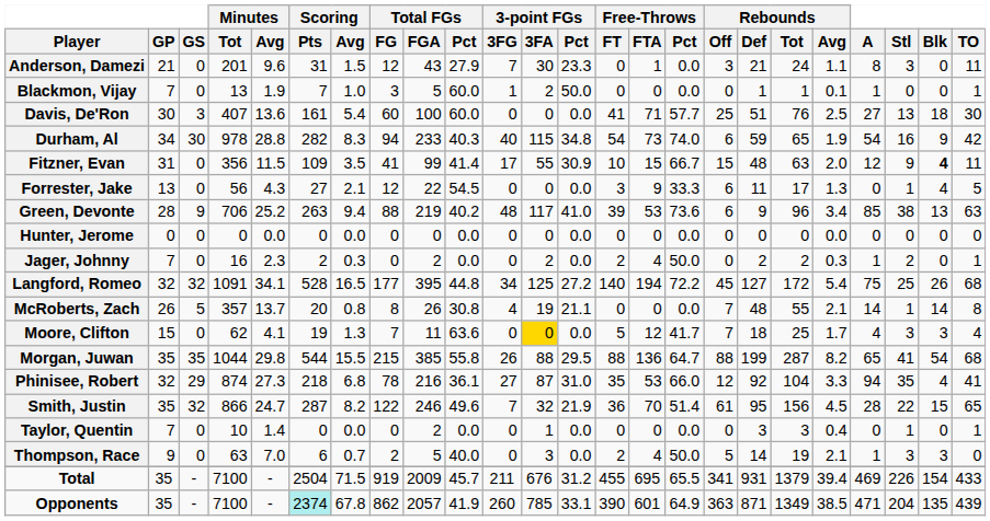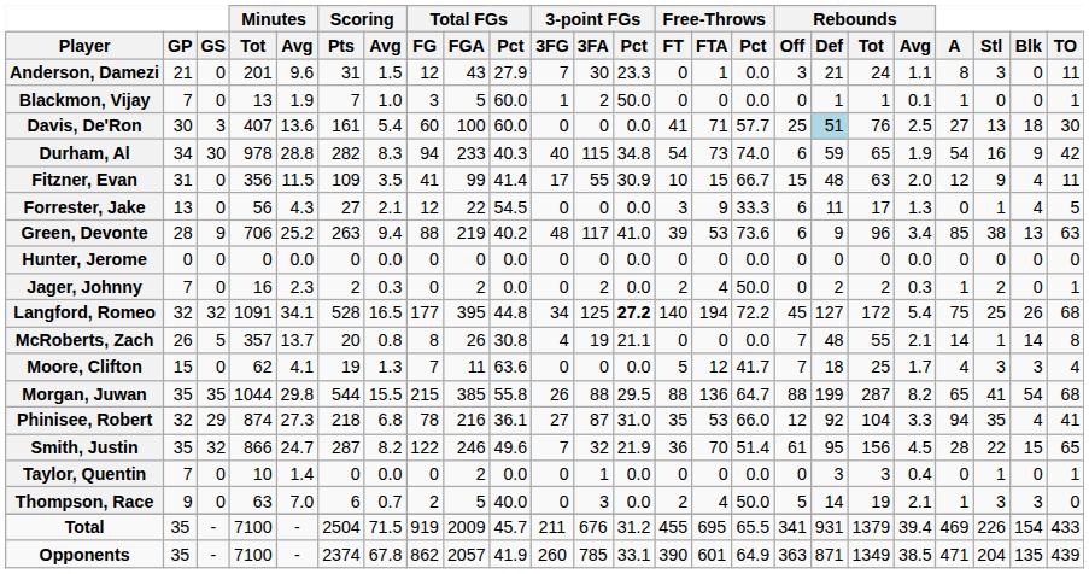 <table class="wikitable sortable" border="1" style="font-size:70%;">
 <tr>
 <th colspan="3" style="border-top-style:hidden; border-left-style:hidden; background: white;"></th>
 <th colspan="2" style=>Minutes</th>
 <th colspan="2" style=>Scoring</th>
 <th colspan="3" style=>Total FGs</th>
 <th colspan="3" style=>3-point FGs</th>
 <th colspan="3" style=>Free-Throws</th>
 <th colspan="4" style=>Rebounds</th>
 <th colspan="4" style="border-top-style:hidden; border-right-style:hidden; background: white;"></th>
 </tr>
 <tr>
 <th scope="col" style=>Player</th>
 <th scope="col" style=>GP</th>
 <th scope="col" style=>GS</th>
 <th scope="col" style=>Tot</th>
 <th scope="col" style=>Avg</th>
 <th scope="col" style=>Pts</th>
 <th scope="col" style=>Avg</th>
 <th scope="col" style=>FG</th>
 <th scope="col" style=>FGA</th>
 <th scope="col" style=>Pct</th>
 <th scope="col" style=>3FG</th>
 <th scope="col" style=>3FA</th>
 <th scope="col" style=>Pct</th>
 <th scope="col" style=>FT</th>
 <th scope="col" style=>FTA</th>
 <th scope="col" style=>Pct</th>
 <th scope="col" style=>Off</th>
 <th scope="col" style=>Def</th>
 <th scope="col" style=>Tot</th>
 <th scope="col" style=>Avg</th>
 <th scope="col" style=>A</th>
 <th scope="col" style=>Stl</th>
 <th scope="col" style=>Blk</th>
 <th scope="col" style=>TO</th>
 </tr>
 <tr>
 <th style=white-space:nowrap>Anderson, Damezi</th>
 <td align="right">21</td>
 <td align="right">0</td>
 <td align="right">201</td>
 <td align="right">9.6</td>
 <td align="right">31</td>
 <td align="right">1.5</td>
 <td align="right">12</td>
 <td align="right">43</td>
 <td align="right">27.9</td>
 <td align="right">7</td>
 <td align="right">30</td>
 <td align="right">23.3</td>
 <td align="right">0</td>
 <td align="right">1</td>
 <td align="right">0.0</td>
 <td align="right">3</td>
 <td align="right">21</td>
 <td align="right">24</td>
 <td align="right">1.1</td>
 <td align="right">8</td>
 <td align="right">3</td>
 <td align="right">0</td>
 <td align="right">11</td>
 </tr>
 <tr>
 <th style=white-space:nowrap>Blackmon, Vijay</th>
 <td align="right">7</td>
 <td align="right">0</td>
 <td align="right">13</td>
 <td align="right">1.9</td>
 <td align="right">7</td>
 <td align="right">1.0</td>
 <td align="right">3</td>
 <td align="right">5</td>
 <td align="right">60.0</td>
 <td align="right">1</td>
 <td align="right">2</td>
 <td align="right" style=>50.0</td>
 <td align="right">0</td>
 <td align="right">0</td>
 <td align="right">0.0</td>
 <td align="right">0</td>
 <td align="right">1</td>
 <td align="right">1</td>
 <td align="right">0.1</td>
 <td align="right">1</td>
 <td align="right">0</td>
 <td align="right">0</td>
 <td align="right">1</td>
 </tr>
 <tr>
 <th style=white-space:nowrap>Davis, De'Ron</th>
 <td align="right">30</td>
 <td align="right">3</td>
 <td align="right">407</td>
 <td align="right">13.6</td>
 <td align="right">161</td>
 <td align="right">5.4</td>
 <td align="right">60</td>
 <td align="right">100</td>
 <td align="right">60.0</td>
 <td align="right">0</td>
 <td align="right">0</td>
 <td align="right">0.0</td>
 <td align="right">41</td>
 <td align="right">71</td>
 <td align="right">57.7</td>
 <td align="right">25</td>
-<td align="right">51</td>
+<td align="right" style="background: lightblue;">51</td>
 <td align="right">76</td>
 <td align="right">2.5</td>
 <td align="right">27</td>
 <td align="right">13</td>
 <td align="right">18</td>
 <td align="right">30</td>
 </tr>
 <tr>
 <th style=white-space:nowrap>Durham, Al</th>
 <td align="right">34</td>
 <td align="right">30</td>
 <td align="right">978</td>
 <td align="right">28.8</td>
 <td align="right">282</td>
 <td align="right">8.3</td>
 <td align="right">94</td>
 <td align="right">233</td>
 <td align="right">40.3</td>
 <td align="right">40</td>
 <td align="right">115</td>
 <td align="right">34.8</td>
 <td align="right">54</td>
 <td align="right">73</td>
 <td align="right" style=>74.0</td>
 <td align="right">6</td>
 <td align="right">59</td>
 <td align="right">65</td>
 <td align="right">1.9</td>
 <td align="right">54</td>
 <td align="right">16</td>
 <td align="right">9</td>
 <td align="right">42</td>
 </tr>
 <tr>
 <th style=white-space:nowrap>Fitzner, Evan</th>
 <td align="right">31</td>
 <td align="right">0</td>
 <td align="right">356</td>
 <td align="right">11.5</td>
 <td align="right">109</td>
 <td align="right">3.5</td>
 <td align="right">41</td>
 <td align="right">99</td>
 <td align="right">41.4</td>
 <td align="right">17</td>
 <td align="right">55</td>
 <td align="right">30.9</td>
 <td align="right">10</td>
 <td align="right">15</td>
 <td align="right">66.7</td>
 <td align="right">15</td>
 <td align="right">48</td>
 <td align="right">63</td>
 <td align="right">2.0</td>
 <td align="right">12</td>
 <td align="right">9</td>
-<td align="right"><strong>4</strong></td>
+<td align="right">4</td>
 <td align="right">11</td>
 </tr>
 <tr>
 <th style=white-space:nowrap>Forrester, Jake</th>
 <td align="right">13</td>
 <td align="right">0</td>
 <td align="right">56</td>
 <td align="right">4.3</td>
 <td align="right">27</td>
 <td align="right">2.1</td>
 <td align="right">12</td>
 <td align="right">22</td>
 <td align="right">54.5</td>
 <td align="right">0</td>
 <td align="right">0</td>
 <td align="right">0.0</td>
 <td align="right">3</td>
 <td align="right">9</td>
 <td align="right">33.3</td>
 <td align="right">6</td>
 <td align="right">11</td>
 <td align="right">17</td>
 <td align="right">1.3</td>
 <td align="right">0</td>
 <td align="right">1</td>
 <td align="right">4</td>
 <td align="right">5</td>
 </tr>
 <tr>
 <th style=white-space:nowrap>Green, Devonte</th>
 <td align="right">28</td>
 <td align="right">9</td>
 <td align="right">706</td>
 <td align="right">25.2</td>
 <td align="right">263</td>
 <td align="right">9.4</td>
 <td align="right">88</td>
 <td align="right">219</td>
 <td align="right">40.2</td>
 <td align="right" style=>48</td>
 <td align="right">117</td>
 <td align="right">41.0</td>
 <td align="right">39</td>
 <td align="right">53</td>
 <td align="right">73.6</td>
 <td align="right">6</td>
 <td align="right">9</td>
 <td align="right">96</td>
 <td align="right">3.4</td>
 <td align="right">85</td>
 <td align="right">38</td>
 <td align="right">13</td>
 <td align="right">63</td>
 </tr>
 <tr>
 <th style=white-space:nowrap>Hunter, Jerome</th>
 <td align="right">0</td>
 <td align="right">0</td>
 <td align="right">0</td>
 <td align="right">0.0</td>
 <td align="right">0</td>
 <td align="right">0.0</td>
 <td align="right">0</td>
 <td align="right">0</td>
 <td align="right">0.0</td>
 <td align="right">0</td>
 <td align="right">0</td>
 <td align="right">0.0</td>
 <td align="right">0</td>
 <td align="right">0</td>
 <td align="right">0.0</td>
 <td align="right">0</td>
 <td align="right">0</td>
 <td align="right">0</td>
 <td align="right">0.0</td>
 <td align="right">0</td>
 <td align="right">0</td>
 <td align="right">0</td>
 <td align="right">0</td>
 </tr>
 <tr>
 <th style=white-space:nowrap>Jager, Johnny</th>
 <td align="right">7</td>
 <td align="right">0</td>
 <td align="right">16</td>
 <td align="right">2.3</td>
 <td align="right">2</td>
 <td align="right">0.3</td>
 <td align="right">0</td>
 <td align="right">2</td>
 <td align="right">0.0</td>
 <td align="right">0</td>
 <td align="right">2</td>
 <td align="right">0.0</td>
 <td align="right">2</td>
 <td align="right">4</td>
 <td align="right">50.0</td>
 <td align="right">0</td>
 <td align="right">2</td>
 <td align="right">2</td>
 <td align="right">0.3</td>
 <td align="right">1</td>
 <td align="right">2</td>
 <td align="right">0</td>
 <td align="right">1</td>
 </tr>
 <tr>
 <th style=white-space:nowrap>Langford, Romeo</th>
 <td align="right">32</td>
 <td align="right">32</td>
 <td align="right" style=>1091</td>
 <td align="right" style=>34.1</td>
 <td align="right">528</td>
 <td align="right" style=>16.5</td>
 <td align="right">177</td>
 <td align="right" style=>395</td>
 <td align="right">44.8</td>
 <td align="right">34</td>
 <td align="right" style=>125</td>
-<td align="right">27.2</td>
+<td align="right"><strong>27.2</strong></td>
 <td align="right" style=>140</td>
 <td align="right" style=>194</td>
 <td align="right">72.2</td>
 <td align="right">45</td>
 <td align="right">127</td>
 <td align="right">172</td>
 <td align="right">5.4</td>
 <td align="right">75</td>
 <td align="right">25</td>
 <td align="right">26</td>
 <td align="right" style=>68</td>
 </tr>
 <tr>
 <th style=white-space:nowrap>McRoberts, Zach</th>
 <td align="right">26</td>
 <td align="right">5</td>
 <td align="right">357</td>
 <td align="right">13.7</td>
 <td align="right">20</td>
 <td align="right">0.8</td>
 <td align="right">8</td>
 <td align="right">26</td>
 <td align="right">30.8</td>
 <td align="right">4</td>
 <td align="right">19</td>
 <td align="right">21.1</td>
 <td align="right">0</td>
 <td align="right">0</td>
 <td align="right">0.0</td>
 <td align="right">7</td>
 <td align="right">48</td>
 <td align="right">55</td>
 <td align="right">2.1</td>
 <td align="right">14</td>
 <td align="right">1</td>
 <td align="right">14</td>
 <td align="right">8</td>
 </tr>
 <tr>
 <th style=white-space:nowrap>Moore, Clifton</th>
 <td align="right">15</td>
 <td align="right">0</td>
 <td align="right">62</td>
 <td align="right">4.1</td>
 <td align="right">19</td>
 <td align="right">1.3</td>
 <td align="right">7</td>
 <td align="right">11</td>
 <td align="right" style=>63.6</td>
 <td align="right">0</td>
-<td align="right" style="background: gold;">0</td>
+<td align="right">0</td>
 <td align="right">0.0</td>
 <td align="right">5</td>
 <td align="right">12</td>
 <td align="right">41.7</td>
 <td align="right">7</td>
 <td align="right">18</td>
 <td align="right">25</td>
 <td align="right">1.7</td>
 <td align="right">4</td>
 <td align="right">3</td>
 <td align="right">3</td>
 <td align="right">4</td>
 </tr>
 <tr>
 <th style=white-space:nowrap>Morgan, Juwan</th>
 <td align="right" style=>35</td>
 <td align="right" style=>35</td>
 <td align="right">1044</td>
 <td align="right">29.8</td>
 <td align="right" style=>544</td>
 <td align="right">15.5</td>
 <td align="right" style=>215</td>
 <td align="right">385</td>
 <td align="right">55.8</td>
 <td align="right">26</td>
 <td align="right">88</td>
 <td align="right">29.5</td>
 <td align="right">88</td>
 <td align="right">136</td>
 <td align="right">64.7</td>
 <td align="right" style=>88</td>
 <td align="right" style=>199</td>
 <td align="right" style=>287</td>
 <td align="right" style=>8.2</td>
 <td align="right">65</td>
 <td align="right" style=>41</td>
 <td align="right" style=>54</td>
 <td align="right" style=>68</td>
 </tr>
 <tr>
 <th style=white-space:nowrap>Phinisee, Robert</th>
 <td align="right">32</td>
 <td align="right">29</td>
 <td align="right">874</td>
 <td align="right">27.3</td>
 <td align="right">218</td>
 <td align="right">6.8</td>
 <td align="right">78</td>
 <td align="right">216</td>
 <td align="right">36.1</td>
 <td align="right">27</td>
 <td align="right">87</td>
 <td align="right">31.0</td>
 <td align="right">35</td>
 <td align="right">53</td>
 <td align="right">66.0</td>
 <td align="right">12</td>
 <td align="right">92</td>
 <td align="right">104</td>
 <td align="right">3.3</td>
 <td align="right" style=>94</td>
 <td align="right">35</td>
 <td align="right">4</td>
 <td align="right">41</td>
 </tr>
 <tr>
 <th style=white-space:nowrap>Smith, Justin</th>
 <td align="right" style=>35</td>
 <td align="right">32</td>
 <td align="right">866</td>
 <td align="right">24.7</td>
 <td align="right">287</td>
 <td align="right">8.2</td>
 <td align="right">122</td>
 <td align="right">246</td>
 <td align="right">49.6</td>
 <td align="right">7</td>
 <td align="right">32</td>
 <td align="right">21.9</td>
 <td align="right">36</td>
 <td align="right">70</td>
 <td align="right">51.4</td>
 <td align="right">61</td>
 <td align="right">95</td>
 <td align="right">156</td>
 <td align="right">4.5</td>
 <td align="right">28</td>
 <td align="right">22</td>
 <td align="right">15</td>
 <td align="right">65</td>
 </tr>
 <tr>
 <th style=white-space:nowrap>Taylor, Quentin</th>
 <td align="right">7</td>
 <td align="right">0</td>
 <td align="right">10</td>
 <td align="right">1.4</td>
 <td align="right">0</td>
 <td align="right">0.0</td>
 <td align="right">0</td>
 <td align="right">2</td>
 <td align="right">0.0</td>
 <td align="right">0</td>
 <td align="right">1</td>
 <td align="right">0.0</td>
 <td align="right">0</td>
 <td align="right">0</td>
 <td align="right">0.0</td>
 <td align="right">0</td>
 <td align="right">3</td>
 <td align="right">3</td>
 <td align="right">0.4</td>
 <td align="right">0</td>
 <td align="right">1</td>
 <td align="right">0</td>
 <td align="right">1</td>
 </tr>
 <tr>
 <th style=white-space:nowrap>Thompson, Race</th>
 <td align="right">9</td>
 <td align="right">0</td>
 <td align="right">63</td>
 <td align="right">7.0</td>
 <td align="right">6</td>
 <td align="right">0.7</td>
 <td align="right">2</td>
 <td align="right">5</td>
 <td align="right">40.0</td>
 <td align="right">0</td>
 <td align="right">3</td>
 <td align="right">0.0</td>
 <td align="right">2</td>
 <td align="right">4</td>
 <td align="right">50.0</td>
 <td align="right">5</td>
 <td align="right">14</td>
 <td align="right">19</td>
 <td align="right">2.1</td>
 <td align="right">1</td>
 <td align="right">3</td>
 <td align="right">3</td>
 <td align="right">0</td>
 </tr>
 <tr>
 </tr>
 <tr class="sortbottom">
 <td align="center" style=><strong>Total</strong></td>
 <td align="center" style=>35</td>
 <td align="center" style=>-</td>
 <td align="center" style=>7100</td>
 <td align="center" style=>-</td>
 <td align="center" style=>2504</td>
 <td align="center" style=>71.5</td>
 <td align="center" style=>919</td>
 <td align="center" style=>2009</td>
 <td align="center" style=>45.7</td>
 <td align="center" style=>211</td>
 <td align="center" style=>676</td>
 <td align="center" style=>31.2</td>
 <td align="center" style=>455</td>
 <td align="center" style=>695</td>
 <td align="center" style=>65.5</td>
 <td align="center" style=>341</td>
 <td align="center" style=>931</td>
 <td align="center" style=>1379</td>
 <td align="center" style=>39.4</td>
 <td align="center" style=>469</td>
 <td align="center" style=>226</td>
 <td align="center" style=>154</td>
 <td align="center" style=>433</td>
 </tr>
 <tr class="sortbottom">
 <td align="center"><strong>Opponents</strong></td>
 <td align="center">35</td>
 <td align="center">-</td>
 <td align="center">7100</td>
 <td align="center">-</td>
-<td align="center" style="background: paleturquoise;">2374</td>
+<td align="center">2374</td>
 <td align="center">67.8</td>
 <td align="center">862</td>
 <td align="center">2057</td>
 <td align="center">41.9</td>
 <td align="center">260</td>
 <td align="center">785</td>
 <td align="center">33.1</td>
 <td align="center">390</td>
 <td align="center">601</td>
 <td align="center">64.9</td>
 <td align="center">363</td>
 <td align="center">871</td>
 <td align="center">1349</td>
 <td align="center">38.5</td>
 <td align="center">471</td>
 <td align="center">204</td>
 <td align="center">135</td>
 <td align="center">439</td>
 </tr>
 </table>
